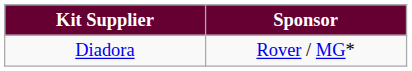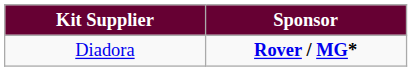 <table class="wikitable"  style="text-align:center; font-size:90%; ">
 <tr>
 <th style="background:#660033;color:#FFFFFF; width:150px;">Kit Supplier</th>
 <th style="background:#660033;color:#FFFFFF; width:150px;">Sponsor</th>
 </tr>
 <tr>
 <td><a href='#'>Diadora</a></td>
-<td><a href='#'>Rover</a> / <a href='#'>MG</a>*</td>
+<td><strong><a href='#'>Rover</a> / <a href='#'>MG</a>*</strong></td>
 </tr>
 </table>
